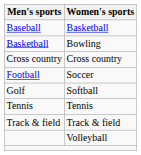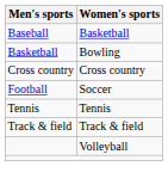 <table class="wikitable" style= "font-size: %">
 <tr>
 <th width=px>Men's sports</th>
 <th width=px>Women's sports</th>
 </tr>
 <tr>
 <td><a href='#'>Baseball</a></td>
 <td><a href='#'>Basketball</a></td>
 </tr>
 <tr>
 <td><a href='#'>Basketball</a></td>
 <td>Bowling</td>
 </tr>
 <tr>
 <td>Cross country</td>
 <td>Cross country</td>
 </tr>
 <tr>
 <td><a href='#'>Football</a></td>
 <td>Soccer</td>
 </tr>
 <tr>
-<td>Golf</td>
-<td>Softball</td>
-</tr>
-<tr>
 <td>Tennis</td>
 <td>Tennis</td>
 </tr>
 <tr>
 <td>Track & field</td>
 <td>Track & field</td>
 </tr>
 <tr>
 <td></td>
 <td>Volleyball</td>
 </tr>
 <tr>
 <td colspan="2"></td>
 </tr>
 </table>
